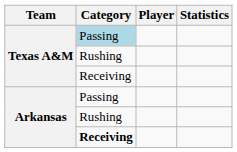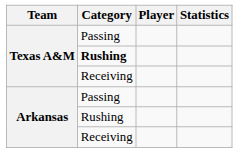 <table class="wikitable" style="float:right">
 <tr>
 <th>Team</th>
 <th>Category</th>
 <th>Player</th>
 <th>Statistics</th>
 </tr>
 <tr>
 <th rowspan=3>Texas A&M</th>
-<td style="background: lightblue;">Passing</td>
+<td>Passing</td>
 <td></td>
 <td></td>
 </tr>
 <tr>
-<td>Rushing</td>
+<td><strong>Rushing</strong></td>
 <td></td>
 <td></td>
 </tr>
 <tr>
 <td>Receiving</td>
 <td></td>
 <td></td>
 </tr>
 <tr>
 <th rowspan=3>Arkansas</th>
 <td>Passing</td>
 <td></td>
 <td></td>
 </tr>
 <tr>
 <td>Rushing</td>
 <td></td>
 <td></td>
 </tr>
 <tr>
-<td><strong>Receiving</strong></td>
+<td>Receiving</td>
 <td></td>
 <td></td>
 </tr>
 </table>
